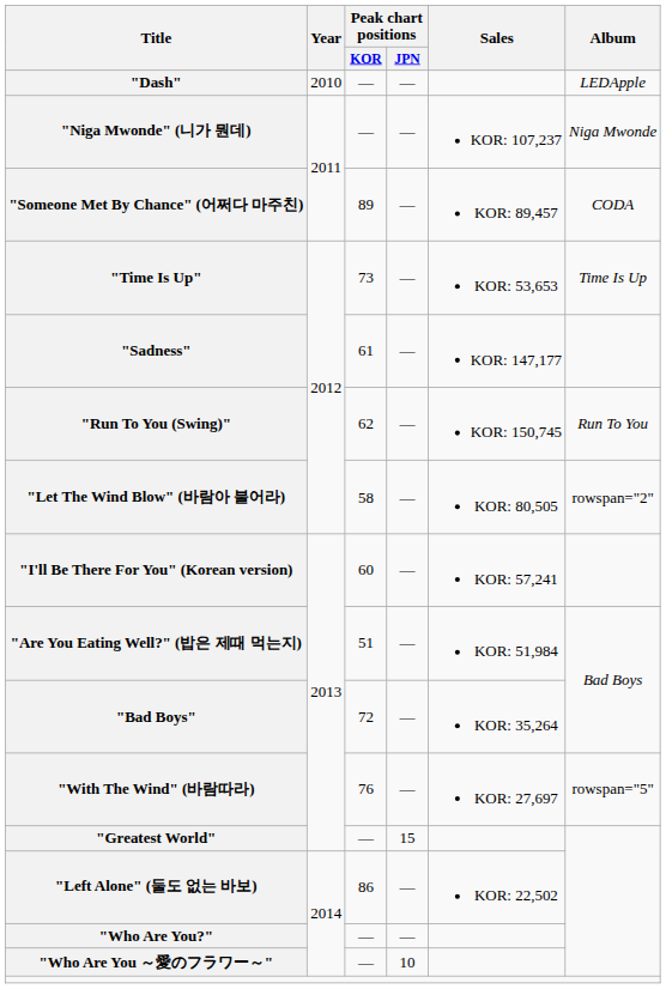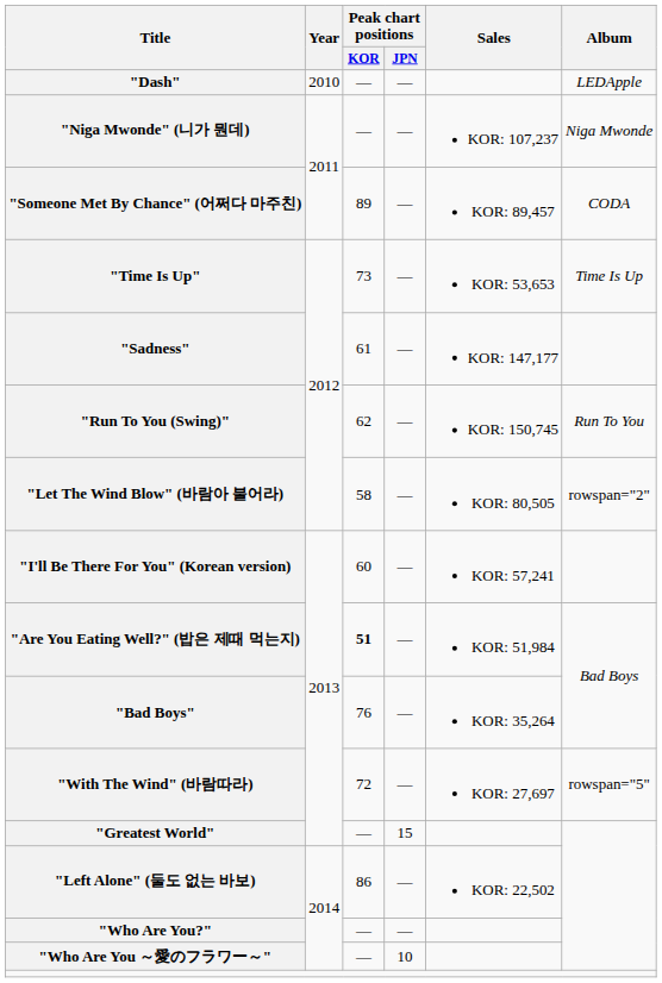 <table class="wikitable plainrowheaders" style="text-align:center;">
 <tr>
 <th rowspan="2">Title</th>
 <th rowspan="2">Year</th>
 <th colspan="2">Peak chart positions</th>
 <th rowspan="2">Sales</th>
 <th rowspan="2">Album</th>
 </tr>
 <tr>
 <th scope="col" style="width:2.5em;font-size:90%;"><a href='#'>KOR</a><br></th>
 <th scope="col" style="width:2.5em;font-size:90%;"><a href='#'>JPN</a><br></th>
 </tr>
 <tr>
 <th scope="row">"Dash"</th>
 <td>2010</td>
 <td>—</td>
 <td>—</td>
 <td></td>
 <td><em>LEDApple</em></td>
 </tr>
 <tr>
 <th scope="row">"Niga Mwonde" (니가 뭔데)</th>
 <td rowspan="2">2011</td>
 <td>—</td>
 <td>—</td>
 <td><br><ul><li>KOR: 107,237</li></ul></td>
 <td><em>Niga Mwonde</em></td>
 </tr>
 <tr>
 <th scope="row">"Someone Met By Chance" (어쩌다 마주친)</th>
 <td>89</td>
 <td>—</td>
 <td><br><ul><li>KOR: 89,457</li></ul></td>
 <td><em>CODA</em></td>
 </tr>
 <tr>
 <th scope="row">"Time Is Up"</th>
 <td rowspan="4">2012</td>
 <td>73</td>
 <td>—</td>
 <td><br><ul><li>KOR: 53,653</li></ul></td>
 <td><em>Time Is Up</em></td>
 </tr>
 <tr>
 <th scope="row">"Sadness"</th>
 <td>61</td>
 <td>—</td>
 <td><br><ul><li>KOR: 147,177</li></ul></td>
 <td></td>
 </tr>
 <tr>
 <th scope="row">"Run To You (Swing)"</th>
 <td>62</td>
 <td>—</td>
 <td><br><ul><li>KOR: 150,745</li></ul></td>
 <td><em>Run To You</em></td>
 </tr>
 <tr>
 <th scope="row">"Let The Wind Blow" (바람아 불어라)</th>
 <td>58</td>
 <td>—</td>
 <td><br><ul><li>KOR: 80,505</li></ul></td>
 <td>rowspan="2" </td>
 </tr>
 <tr>
 <th scope="row">"I'll Be There For You" (Korean version)</th>
 <td rowspan="5">2013</td>
 <td>60</td>
 <td>—</td>
 <td><br><ul><li>KOR: 57,241</li></ul></td>
 </tr>
 <tr>
 <th scope="row">"Are You Eating Well?" (밥은 제때 먹는지)</th>
-<td>51</td>
+<td><strong>51</strong></td>
 <td>—</td>
 <td><br><ul><li>KOR: 51,984</li></ul></td>
 <td rowspan="2"><em>Bad Boys</em></td>
 </tr>
 <tr>
 <th scope="row">"Bad Boys" </th>
-<td>72</td>
+<td>76</td>
 <td>—</td>
 <td><br><ul><li>KOR: 35,264</li></ul></td>
 </tr>
 <tr>
 <th scope="row">"With The Wind" (바람따라)</th>
-<td>76</td>
+<td>72</td>
 <td>—</td>
 <td><br><ul><li>KOR: 27,697</li></ul></td>
 <td>rowspan="5" </td>
 </tr>
 <tr>
 <th scope="row">"Greatest World"</th>
 <td>—</td>
 <td>15</td>
 <td></td>
 </tr>
 <tr>
 <th scope="row">"Left Alone" (둘도 없는 바보)</th>
 <td rowspan="3">2014</td>
 <td>86</td>
 <td>—</td>
 <td><br><ul><li>KOR: 22,502</li></ul></td>
 </tr>
 <tr>
 <th scope="row">"Who Are You?"</th>
 <td>—</td>
 <td>—</td>
 <td></td>
 </tr>
 <tr>
 <th scope="row">"Who Are You ～愛のフラワー～"</th>
 <td>—</td>
 <td>10</td>
 <td></td>
 </tr>
 <tr>
 <td colspan="6"></td>
 </tr>
 </table>
